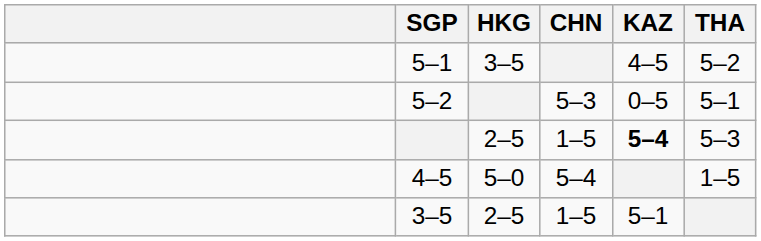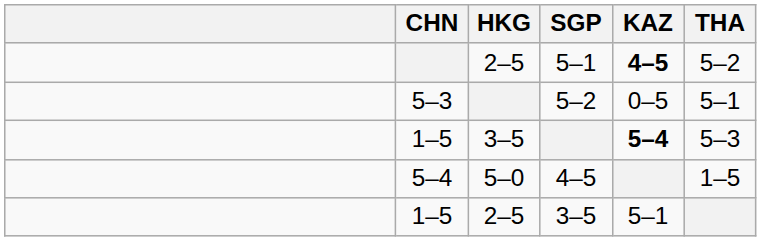 <table class="wikitable" style="text-align:center">
 <tr>
 <th width="250"> </th>
+<th width="40">CHN</th>
+<th width="40">HKG</th>
 <th width="40">SGP</th>
-<th width="40">HKG</th>
-<th width="40">CHN</th>
 <th width="40">KAZ</th>
 <th width="40">THA</th>
 </tr>
 <tr>
 <td align=left></td>
+<th></th>
+<td>2–5</td>
 <td>5–1</td>
-<td>3–5</td>
-<th></th>
-<td>4–5</td>
+<td><strong>4–5</strong></td>
 <td>5–2</td>
 </tr>
 <tr>
 <td align=left></td>
+<td>5–3</td>
+<th></th>
 <td>5–2</td>
-<th></th>
-<td>5–3</td>
 <td>0–5</td>
 <td>5–1</td>
 </tr>
 <tr>
 <td align=left></td>
+<td>1–5</td>
+<td>3–5</td>
 <th></th>
-<td>2–5</td>
-<td>1–5</td>
 <td><strong>5–4</strong></td>
 <td>5–3</td>
 </tr>
 <tr>
 <td align=left></td>
+<td>5–4</td>
+<td>5–0</td>
 <td>4–5</td>
-<td>5–0</td>
-<td>5–4</td>
 <th></th>
 <td>1–5</td>
 </tr>
 <tr>
 <td align=left></td>
+<td>1–5</td>
+<td>2–5</td>
 <td>3–5</td>
-<td>2–5</td>
-<td>1–5</td>
 <td>5–1</td>
 <th></th>
 </tr>
 </table>
